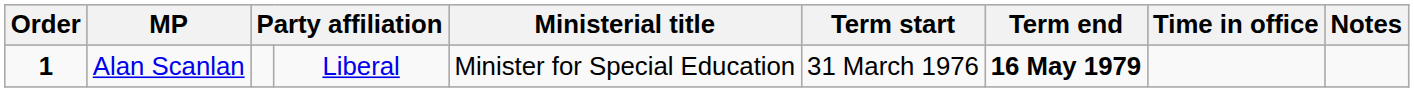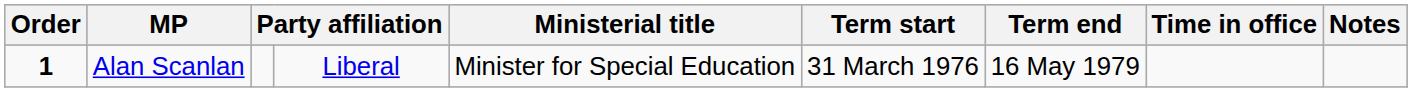 <table class="wikitable" style="text-align:center">
 <tr>
 <th>Order</th>
 <th>MP</th>
 <th colspan="2">Party affiliation</th>
 <th>Ministerial title</th>
 <th>Term start</th>
 <th>Term end</th>
 <th>Time in office</th>
 <th>Notes</th>
 </tr>
 <tr>
 <td><strong>1</strong></td>
 <td><a href='#'>Alan Scanlan</a> </td>
 <td></td>
 <td><a href='#'>Liberal</a></td>
 <td>Minister for Special Education</td>
 <td>31 March 1976</td>
-<td><strong>16 May 1979</strong></td>
+<td>16 May 1979</td>
 <td></td>
 <td></td>
 </tr>
 </table>
